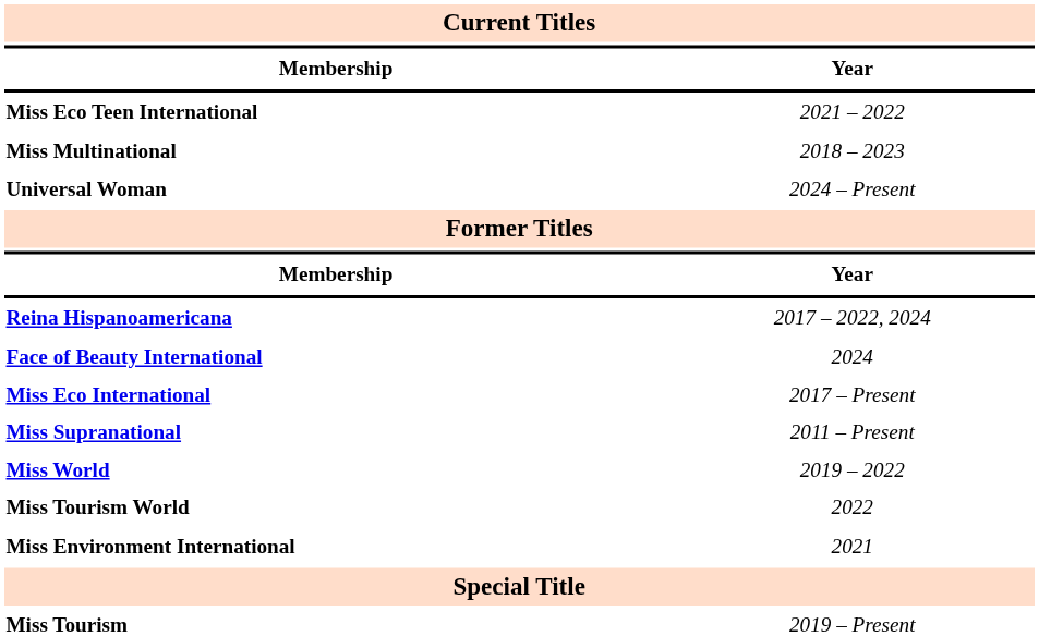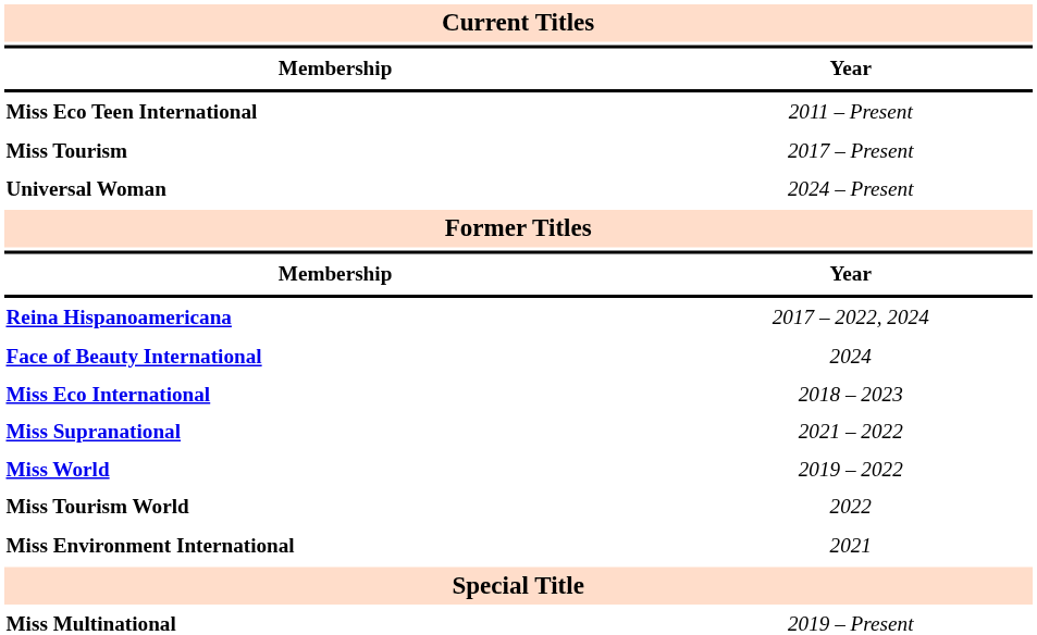 <table class="toccolours" style="width: 20em; font-size:80%; line-height:1.5em; width:40%;">
 <tr>
 <th colspan="2" align="center" style="background:#FFDDCA;"><big>Current Titles</big></th>
 </tr>
 <tr>
 <td colspan="2" style="background:black"></td>
 </tr>
 <tr>
 <th scope="col">Membership</th>
 <th scope="col">Year</th>
 </tr>
 <tr>
 <td colspan="2" style="background:black"></td>
 </tr>
 <tr>
 <td align="left"><strong>Miss Eco Teen International</strong></td>
-<td align="center"><em>2021 – 2022</em></td>
+<td align="center"><em>2011 – Present</em></td>
 </tr>
 <tr>
-<td align="left"><strong>Miss Multinational</strong></td>
-<td align="center"><em>2018 – 2023</em></td>
+<td align="left"><strong>Miss Tourism</strong></td>
+<td align="center"><em>2017 – Present</em></td>
 </tr>
 <tr>
 <td align="left"><strong>Universal Woman</strong></td>
 <td align="center"><em>2024 – Present</em></td>
 </tr>
 <tr>
 <th colspan="2" align="center" style="background:#FFDDCA;"><big>Former Titles</big></th>
 </tr>
 <tr>
 <td colspan="2" style="background:black"></td>
 </tr>
 <tr>
 <th scope="col">Membership</th>
 <th scope="col">Year</th>
 </tr>
 <tr>
 <td colspan="2" style="background:black"></td>
 </tr>
 <tr>
 <td align="left"><strong><a href='#'>Reina Hispanoamericana</a></strong></td>
 <td align="center"><em>2017 – 2022, 2024</em></td>
 </tr>
 <tr>
 <td align="left"><strong><a href='#'>Face of Beauty International</a></strong></td>
 <td align="center"><em>2024</em></td>
 </tr>
 <tr>
 <td align="left"><strong><a href='#'>Miss Eco International</a></strong></td>
-<td align="center"><em>2017 – Present</em></td>
+<td align="center"><em>2018 – 2023</em></td>
 </tr>
 <tr>
 <td align="left"><strong><a href='#'>Miss Supranational</a></strong></td>
-<td align="center"><em>2011 – Present</em></td>
+<td align="center"><em>2021 – 2022</em></td>
 </tr>
 <tr>
 <td align="left"><strong><a href='#'>Miss World</a></strong></td>
 <td align="center"><em>2019 – 2022</em></td>
 </tr>
 <tr>
 <td align="left"><strong>Miss Tourism World</strong></td>
 <td align="center"><em>2022</em></td>
 </tr>
 <tr>
 <td align="left"><strong>Miss Environment International</strong></td>
 <td align="center"><em>2021</em></td>
 </tr>
 <tr>
 <th colspan="2" align="center" style="background:#FFDDCA;"><big>Special Title</big></th>
 </tr>
 <tr>
-<td align="left"><strong>Miss Tourism</strong></td>
+<td align="left"><strong>Miss Multinational</strong></td>
 <td align="center"><em>2019 – Present</em></td>
 </tr>
 <tr>
 </tr>
 </table>
